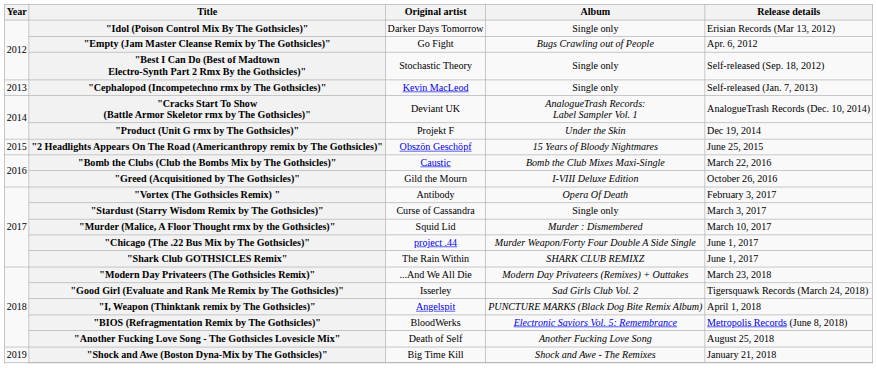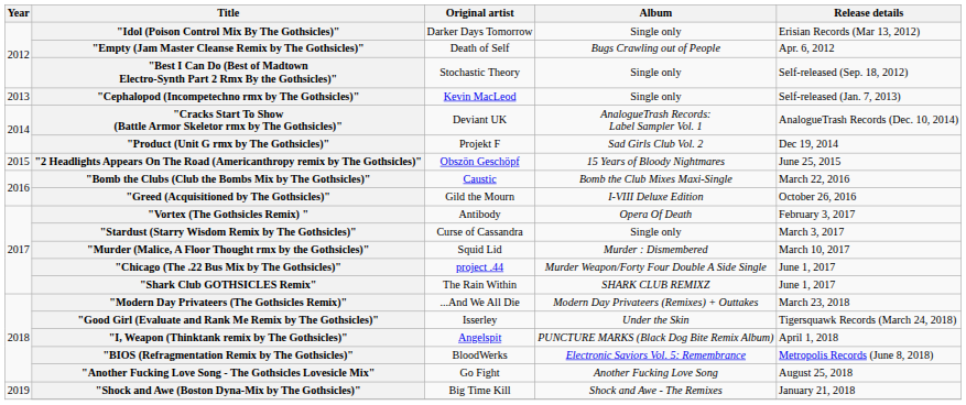 <table class="wikitable plainrowheaders" style="text-align:center;">
 <tr>
 <th scope="col" rowspan="1">Year</th>
 <th scope="col" rowspan="1">Title</th>
 <th scope="col" rowspan="1">Original artist</th>
 <th scope="col" rowspan="1">Album</th>
 <th scope="col" rowspan="1">Release details</th>
 </tr>
 <tr>
 <td rowspan="3">2012</td>
 <th scope="row">"Idol (Poison Control Mix By The Gothsicles)"</th>
 <td>Darker Days Tomorrow</td>
 <td>Single only</td>
 <td align=left>Erisian Records (Mar 13, 2012)</td>
 </tr>
 <tr>
 <th scope="row">"Empty (Jam Master Cleanse Remix by The Gothsicles)"</th>
-<td>Go Fight</td>
+<td>Death of Self</td>
 <td><em>Bugs Crawling out of People</em></td>
 <td align=left>Apr. 6, 2012</td>
 </tr>
 <tr>
 <th scope="row">"Best I Can Do (Best of Madtown<br>Electro-Synth Part 2 Rmx By the Gothsicles)"</th>
 <td>Stochastic Theory</td>
 <td>Single only</td>
 <td align=left>Self-released (Sep. 18, 2012)</td>
 </tr>
 <tr>
 <td rowspan="1">2013</td>
 <th scope="row">"Cephalopod (Incompetechno rmx by The Gothsicles)"</th>
 <td><a href='#'>Kevin MacLeod</a></td>
 <td>Single only</td>
 <td align=left>Self-released (Jan. 7, 2013)</td>
 </tr>
 <tr>
 <td rowspan="2">2014</td>
 <th scope="row">"Cracks Start To Show<br>(Battle Armor Skeletor rmx by The Gothsicles)"</th>
 <td>Deviant UK</td>
 <td><em>AnalogueTrash Records:<br>Label Sampler Vol. 1</em></td>
 <td align=left>AnalogueTrash Records (Dec. 10, 2014)</td>
 </tr>
 <tr>
 <th scope="row">"Product (Unit G rmx by The Gothsicles)"</th>
 <td>Projekt F</td>
-<td><em>Under the Skin</em></td>
+<td><em>Sad Girls Club Vol. 2</em></td>
 <td align=left>Dec 19, 2014</td>
 </tr>
 <tr>
 <td rowspan="1">2015</td>
 <th scope="row">"2 Headlights Appears On The Road (Americanthropy remix by The Gothsicles)"</th>
 <td><a href='#'>Obszön Geschöpf</a></td>
 <td><em>15 Years of Bloody Nightmares</em></td>
 <td align=left>June 25, 2015</td>
 </tr>
 <tr>
 <td rowspan="2">2016</td>
 <th scope="row">"Bomb the Clubs (Club the Bombs Mix by The Gothsicles)"</th>
 <td><a href='#'>Caustic</a></td>
 <td><em>Bomb the Club Mixes Maxi-Single</em></td>
 <td align=left>March 22, 2016</td>
 </tr>
 <tr>
 <th scope="row">"Greed (Acquisitioned by The Gothsicles)"</th>
 <td>Gild the Mourn</td>
 <td><em>I-VIII Deluxe Edition</em></td>
 <td align=left>October 26, 2016</td>
 </tr>
 <tr>
 <td rowspan="5">2017</td>
 <th scope="row">"Vortex (The Gothsicles Remix) "</th>
 <td>Antibody</td>
 <td><em>Opera Of Death</em></td>
 <td align=left>February 3, 2017</td>
 </tr>
 <tr>
 <th scope="row">"Stardust (Starry Wisdom Remix by The Gothsicles)"</th>
 <td>Curse of Cassandra</td>
 <td>Single only</td>
 <td align=left>March 3, 2017</td>
 </tr>
 <tr>
 <th scope="row">"Murder (Malice, A Floor Thought rmx by the Gothsicles)"</th>
 <td>Squid Lid</td>
 <td><em>Murder : Dismembered</em></td>
 <td align=left>March 10, 2017</td>
 </tr>
 <tr>
 <th scope="row">"Chicago (The .22 Bus Mix by The Gothsicles)"</th>
 <td><a href='#'>project .44</a></td>
 <td><em>Murder Weapon/Forty Four Double A Side Single</em></td>
 <td align=left>June 1, 2017</td>
 </tr>
 <tr>
 <th scope="row">"Shark Club GOTHSICLES Remix"</th>
 <td>The Rain Within</td>
 <td><em>SHARK CLUB REMIXZ</em></td>
 <td align=left>June 1, 2017</td>
 </tr>
 <tr>
 <td rowspan="5">2018</td>
 <th scope="row">"Modern Day Privateers (The Gothsicles Remix)"</th>
 <td>...And We All Die</td>
 <td><em>Modern Day Privateers (Remixes) + Outtakes</em></td>
 <td align=left>March 23, 2018</td>
 </tr>
 <tr>
 <th scope="row">"Good Girl (Evaluate and Rank Me Remix by The Gothsicles)"</th>
 <td>Isserley</td>
-<td><em>Sad Girls Club Vol. 2</em></td>
+<td><em>Under the Skin</em></td>
 <td align=left>Tigersquawk Records (March 24, 2018)</td>
 </tr>
 <tr>
 <th scope="row">"I, Weapon (Thinktank remix by The Gothsicles)"</th>
 <td><a href='#'>Angelspit</a></td>
 <td><em>PUNCTURE MARKS (Black Dog Bite Remix Album)</em></td>
 <td align=left>April 1, 2018</td>
 </tr>
 <tr>
 <th scope="row">"BIOS (Refragmentation Remix by The Gothsicles)"</th>
 <td>BloodWerks</td>
 <td><em><a href='#'>Electronic Saviors Vol. 5: Remembrance</a></em></td>
 <td align=left><a href='#'>Metropolis Records</a> (June 8, 2018)</td>
 </tr>
 <tr>
 <th scope="row">"Another Fucking Love Song - The Gothsicles Lovesicle Mix"</th>
-<td>Death of Self</td>
+<td>Go Fight</td>
 <td><em>Another Fucking Love Song</em></td>
 <td align=left>August 25, 2018</td>
 </tr>
 <tr>
 <td rowspan="5">2019</td>
 <th scope="row">"Shock and Awe (Boston Dyna-Mix by The Gothsicles)"</th>
 <td>Big Time Kill</td>
 <td><em>Shock and Awe - The Remixes</em></td>
 <td align=left>January 21, 2018</td>
 </tr>
 <tr>
 </tr>
 </table>
